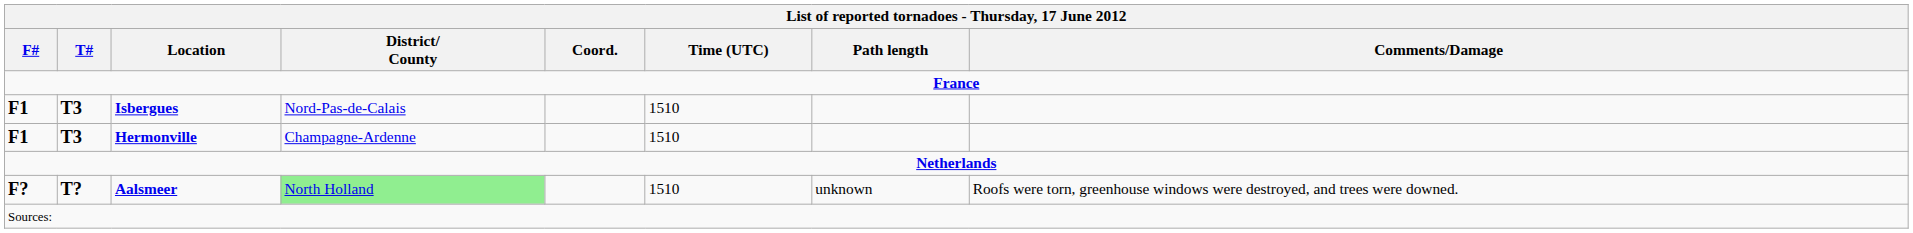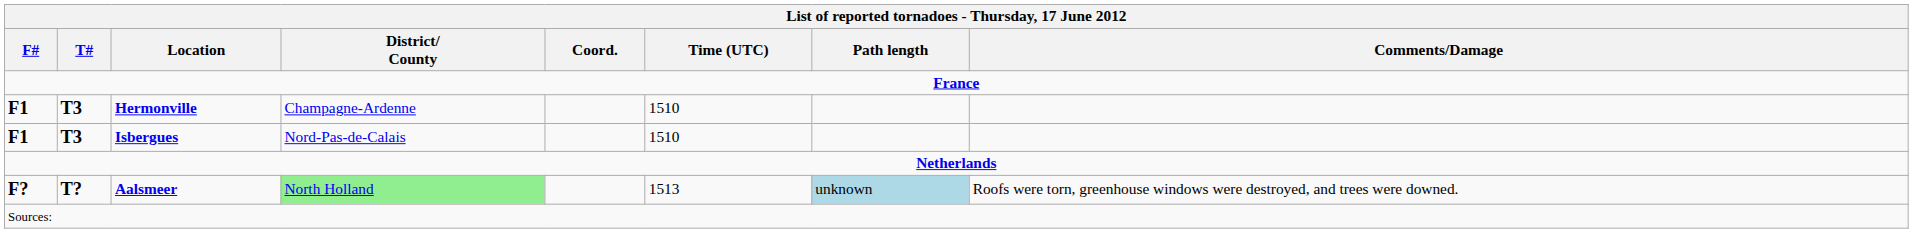 <table class="wikitable collapsible" width="100%">
 <tr>
 <th colspan="8">List of reported tornadoes - Thursday, 17 June 2012</th>
 </tr>
 <tr>
 <th><a href='#'>F#</a></th>
 <th><a href='#'>T#</a></th>
 <th>Location</th>
 <th>District/<br>County</th>
 <th>Coord.</th>
 <th>Time (UTC)</th>
 <th>Path length</th>
 <th>Comments/Damage</th>
 </tr>
 <tr>
 <td colspan="8" align=center><strong><a href='#'>France</a></strong></td>
 </tr>
 <tr>
 <td><big><strong>F1</strong></big></td>
 <td><big><strong>T3</strong></big></td>
-<td><strong><a href='#'>Isbergues</a></strong></td>
-<td><a href='#'>Nord-Pas-de-Calais</a></td>
+<td><strong><a href='#'>Hermonville</a></strong></td>
+<td><a href='#'>Champagne-Ardenne</a></td>
 <td></td>
 <td>1510</td>
 <td></td>
 <td></td>
 </tr>
 <tr>
 <td><big><strong>F1</strong></big></td>
 <td><big><strong>T3</strong></big></td>
-<td><strong><a href='#'>Hermonville</a></strong></td>
-<td><a href='#'>Champagne-Ardenne</a></td>
+<td><strong><a href='#'>Isbergues</a></strong></td>
+<td><a href='#'>Nord-Pas-de-Calais</a></td>
 <td></td>
 <td>1510</td>
 <td></td>
 <td></td>
 </tr>
 <tr>
 <td colspan="8" align=center><strong><a href='#'>Netherlands</a></strong></td>
 </tr>
 <tr>
 <td><big><strong>F?</strong></big></td>
 <td><big><strong>T?</strong></big></td>
 <td><strong><a href='#'>Aalsmeer</a></strong></td>
 <td style="background: lightgreen;"><a href='#'>North Holland</a></td>
 <td></td>
-<td>1510</td>
-<td>unknown</td>
+<td>1513</td>
+<td style="background: lightblue;">unknown</td>
 <td>Roofs were torn, greenhouse windows were destroyed, and trees were downed.</td>
 </tr>
 <tr>
 <td colspan="8"><small>Sources:  </small></td>
 </tr>
 </table>
